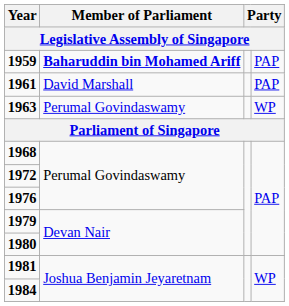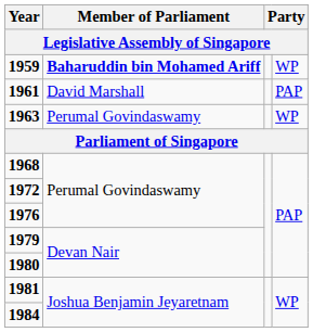 <table class="wikitable">
 <tr>
 <th>Year</th>
 <th>Member of Parliament</th>
 <th colspan="2">Party</th>
 </tr>
 <tr>
 <th colspan="4"><a href='#'>Legislative Assembly of Singapore</a></th>
 </tr>
 <tr>
 <td><strong>1959</strong></td>
 <td><strong><a href='#'>Baharuddin bin Mohamed Ariff</a></strong></td>
 <td></td>
-<td><a href='#'>PAP</a></td>
+<td><a href='#'>WP</a></td>
 </tr>
 <tr>
 <td><strong>1961</strong></td>
 <td><a href='#'>David Marshall</a></td>
 <td></td>
 <td><a href='#'>PAP</a></td>
 </tr>
 <tr>
 <td><strong>1963</strong></td>
 <td><a href='#'>Perumal Govindaswamy</a></td>
 <td></td>
 <td><a href='#'>WP</a></td>
 </tr>
 <tr>
 <th colspan="4"><a href='#'>Parliament of Singapore</a></th>
 </tr>
 <tr>
 <td><strong>1968</strong></td>
 <td rowspan="3">Perumal Govindaswamy</td>
 <td rowspan="5"></td>
 <td rowspan="5"><a href='#'>PAP</a></td>
 </tr>
 <tr>
 <td><strong>1972</strong></td>
 </tr>
 <tr>
 <td><strong>1976</strong></td>
 </tr>
 <tr>
 <td><strong>1979</strong></td>
 <td rowspan="2"><a href='#'>Devan Nair</a></td>
 </tr>
 <tr>
 <td><strong>1980</strong></td>
 </tr>
 <tr>
 <td><strong>1981</strong></td>
 <td rowspan="2"><a href='#'>Joshua Benjamin Jeyaretnam</a></td>
 <td rowspan="2"></td>
 <td rowspan="2"><a href='#'>WP</a></td>
 </tr>
 <tr>
 <td><strong>1984</strong></td>
 </tr>
 </table>
